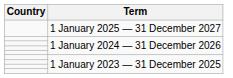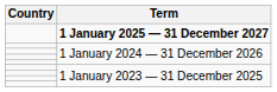 <table class="wikitable">
 <tr>
 <th>Country</th>
 <th>Term</th>
 </tr>
 <tr>
 <td><br>      </td>
-<td>1 January 2025 — 31 December 2027</td>
+<td><strong>1 January 2025 — 31 December 2027</strong></td>
 </tr>
 <tr>
 <td></td>
 <td rowspan="4">1 January 2024 — 31 December 2026</td>
 </tr>
 <tr>
 <td></td>
 </tr>
 <tr>
 <td></td>
 </tr>
 <tr>
 <td></td>
 </tr>
 <tr>
 <td></td>
 <td rowspan="4">1 January 2023 — 31 December 2025</td>
 </tr>
 <tr>
 <td></td>
 </tr>
 <tr>
 <td></td>
 </tr>
 <tr>
 <td></td>
 </tr>
 </table>
